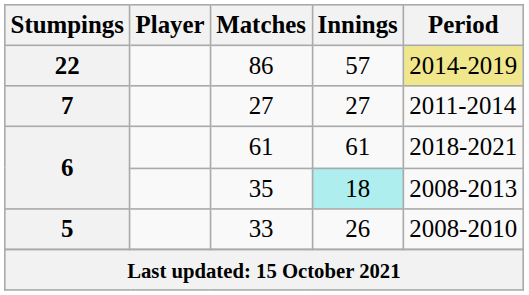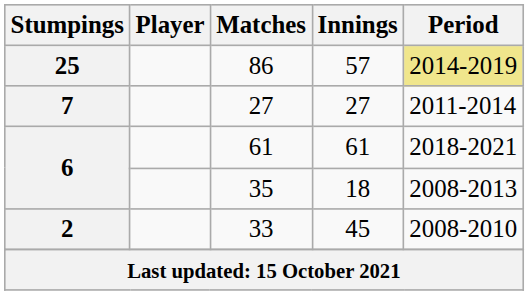 <table class="wikitable sortable" style="text-align:left;font-size:96%;">
 <tr>
 <th>Stumpings</th>
 <th>Player</th>
 <th>Matches</th>
 <th>Innings</th>
 <th>Period</th>
 </tr>
 <tr>
-<th scope=row style=text-align:center;>22</th>
+<th scope=row style=text-align:center;>25</th>
 <td></td>
 <td align=center>86</td>
 <td align=center>57</td>
 <td style="background: khaki;">2014-2019</td>
 </tr>
 <tr>
 <th scope=row style=text-align:center;>7</th>
 <td></td>
 <td align=center>27</td>
 <td align=center>27</td>
 <td>2011-2014</td>
 </tr>
 <tr>
 <th scope=row style=text-align:center; rowspan=2>6</th>
 <td></td>
 <td align=center>61</td>
 <td align=center>61</td>
 <td>2018-2021</td>
 </tr>
 <tr>
 <td></td>
 <td align=center>35</td>
-<td align=center style="background: paleturquoise;">18</td>
+<td align=center>18</td>
 <td>2008-2013</td>
 </tr>
 <tr>
-<th scope=row style=text-align:center;>5</th>
+<th scope=row style=text-align:center;>2</th>
 <td></td>
 <td align=center>33</td>
-<td align=center>26</td>
+<td align=center>45</td>
 <td>2008-2010</td>
 </tr>
 <tr>
 </tr>
 <tr class=sortbottom>
 <th colspan=6><small>Last updated: 15 October 2021</small></th>
 </tr>
 </table>
